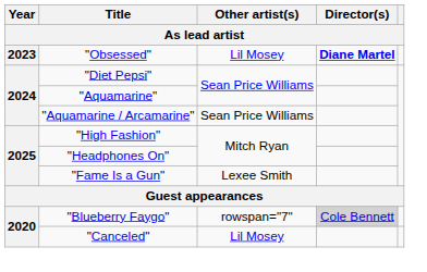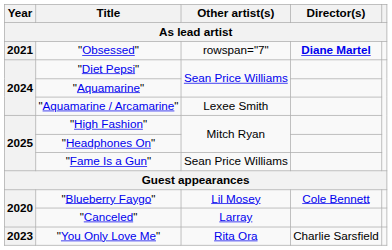 <table class="wikitable plainrowheaders" style="text-align:center;">
 <tr>
 <th>Year</th>
 <th>Title</th>
 <th>Other artist(s)</th>
 <th>Director(s)</th>
 <th></th>
 </tr>
 <tr>
 <th colspan="5" scope="col">As lead artist</th>
 </tr>
 <tr>
-<th scope="row">2023</th>
+<th scope="row">2021</th>
 <td>"<a href='#'>Obsessed</a>"</td>
-<td><a href='#'>Lil Mosey</a></td>
+<td>rowspan="7" </td>
 <td><strong><a href='#'>Diane Martel</a></strong></td>
 <td></td>
 </tr>
 <tr>
 <th rowspan="3" scope="row">2024</th>
 <td>"<a href='#'>Diet Pepsi</a>"</td>
 <td rowspan="2"><a href='#'>Sean Price Williams</a></td>
 <td></td>
 </tr>
 <tr>
 <td>"<a href='#'>Aquamarine</a>"</td>
 <td></td>
 </tr>
 <tr>
 <td>"<a href='#'>Aquamarine / Arcamarine</a>"</td>
-<td>Sean Price Williams</td>
+<td>Lexee Smith</td>
 <td></td>
 </tr>
 <tr>
 <th rowspan="3" scope="row">2025</th>
 <td>"<a href='#'>High Fashion</a>"</td>
 <td rowspan="2">Mitch Ryan</td>
 <td></td>
 </tr>
 <tr>
 <td>"<a href='#'>Headphones On</a>"</td>
 <td></td>
 </tr>
 <tr>
 <td>"<a href='#'>Fame Is a Gun</a>"</td>
-<td>Lexee Smith</td>
+<td>Sean Price Williams</td>
 <td></td>
 </tr>
 <tr>
 <th scope="col" colspan="5">Guest appearances</th>
 </tr>
 <tr>
 <th rowspan="2" scope="row">2020</th>
 <td>"<a href='#'>Blueberry Faygo</a>"</td>
-<td>rowspan="7" </td>
-<td style="background: lightgrey;"><a href='#'>Cole Bennett</a></td>
+<td><a href='#'>Lil Mosey</a></td>
+<td><a href='#'>Cole Bennett</a></td>
 <td></td>
 </tr>
 <tr>
 <td>"<a href='#'>Canceled</a>"</td>
-<td><a href='#'>Lil Mosey</a></td>
+<td><a href='#'>Larray</a></td>
 <td></td>
 <td></td>
 </tr>
+<tr>
+<th scope="row">2023</th>
+<td>"<a href='#'>You Only Love Me</a>"</td>
+<td><a href='#'>Rita Ora</a></td>
+<td>Charlie Sarsfield</td>
+<td></td>
+</tr>
 </table>
